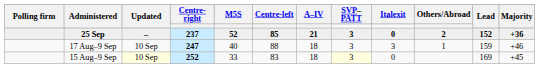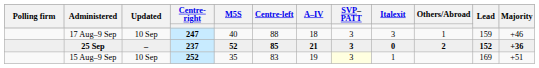 <table class="wikitable mw-collapsible" style="text-align:center;font-size:85%;line-height:13px">
 <tr style="height:30px; background-color:#8B8B8B">
 <th rowspan="2" style="width:150px;">Polling firm</th>
 <th rowspan="2" style="width:100px;">Administered</th>
 <th rowspan="2" style="width:100px;">Updated</th>
 <th style="width:90px;"><a href='#'>Centre-right</a></th>
 <th style="width:90px;"><a href='#'>M5S</a></th>
 <th style="width:90px;"><a href='#'>Centre-left</a></th>
 <th style="width:90px;"><a href='#'>A–IV</a></th>
 <th style="width:90px;"><a href='#'>SVP</a>–<a href='#'>PATT</a></th>
 <th style="width:90px;"><a href='#'>Italexit</a></th>
 <th style="width:90px;">Others/Abroad</th>
 <th style="width:45px;" rowspan="2">Lead</th>
 <th style="width:45px;" rowspan="2">Majority</th>
 </tr>
 <tr>
 <th style="background:"></th>
 <th style="background:"></th>
 <th style="background:"></th>
 <th style="background:"></th>
 <td></td>
 <td></td>
 <th style="background:"></th>
 </tr>
+<tr>
+<td></td>
+<td>17 Aug–9 Sep</td>
+<td>10 Sep</td>
+<td style="background:#C8EBFF"><strong>247</strong></td>
+<td>40</td>
+<td>88</td>
+<td>18</td>
+<td>3</td>
+<td>3</td>
+<td>1</td>
+<td style="background:">159</td>
+<td style="background:">+46</td>
+</tr>
 <tr style="background:#EFEFEF; font-weight:bold;">
 <td></td>
 <td>25 Sep</td>
 <td>–</td>
 <td style="background:#C8EBFF">237</td>
 <td>52</td>
 <td>85</td>
 <td>21</td>
 <td>3</td>
 <td>0</td>
 <td>2</td>
 <td style="background:">152</td>
 <td style="background:">+36</td>
 </tr>
 <tr>
 <td></td>
-<td>17 Aug–9 Sep</td>
+<td>15 Aug–9 Sep</td>
 <td>10 Sep</td>
-<td style="background:#C8EBFF"><strong>247</strong></td>
-<td>40</td>
-<td>88</td>
-<td>18</td>
-<td>3</td>
-<td>3</td>
+<td style="background:#C8EBFF"><strong>252</strong></td>
+<td>35</td>
+<td>83</td>
+<td>19</td>
+<td style="background: lightyellow;">3</td>
 <td>1</td>
-<td style="background:">159</td>
-<td style="background:">+46</td>
-</tr>
-<tr>
-<td></td>
-<td>15 Aug–9 Sep</td>
-<td style="background: lightyellow;">10 Sep</td>
-<td style="background:#C8EBFF"><strong>252</strong></td>
-<td>33</td>
-<td>83</td>
-<td>18</td>
-<td style="background: lightyellow;">3</td>
-<td>0</td>
 <td></td>
 <td style="background:">169</td>
-<td style="background:">+45</td>
+<td style="background:">+51</td>
 </tr>
 </table>
